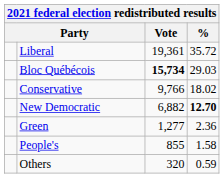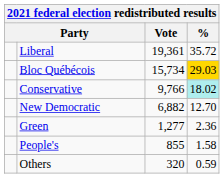 <table class="wikitable">
 <tr>
 <th colspan="4"><a href='#'>2021 federal election</a> redistributed results</th>
 </tr>
 <tr>
 <th bgcolor="#DDDDFF" width="130px" colspan="2">Party</th>
 <th bgcolor="#DDDDFF" width="50px">Vote</th>
 <th bgcolor="#DDDDFF" width="30px">%</th>
 </tr>
 <tr>
 <td> </td>
 <td><a href='#'>Liberal</a></td>
 <td align=right>19,361</td>
 <td align=right>35.72</td>
 </tr>
 <tr>
 <td> </td>
 <td><a href='#'>Bloc Québécois</a></td>
-<td align=right><strong>15,734</strong></td>
-<td align=right>29.03</td>
+<td align=right>15,734</td>
+<td align=right style="background: gold;">29.03</td>
 </tr>
 <tr>
 <td> </td>
 <td><a href='#'>Conservative</a></td>
 <td align=right>9,766</td>
-<td align=right>18.02</td>
+<td align=right style="background: paleturquoise;">18.02</td>
 </tr>
 <tr>
 <td> </td>
 <td><a href='#'>New Democratic</a></td>
 <td align=right>6,882</td>
-<td align=right><strong>12.70</strong></td>
+<td align=right>12.70</td>
 </tr>
 <tr>
 <td> </td>
 <td><a href='#'>Green</a></td>
 <td align=right>1,277</td>
 <td align=right>2.36</td>
 </tr>
 <tr>
 <td> </td>
 <td><a href='#'>People's</a></td>
 <td align=right>855</td>
 <td align=right>1.58</td>
 </tr>
 <tr>
 <td> </td>
 <td>Others</td>
 <td align=right>320</td>
 <td align=right>0.59</td>
 </tr>
 </table>
